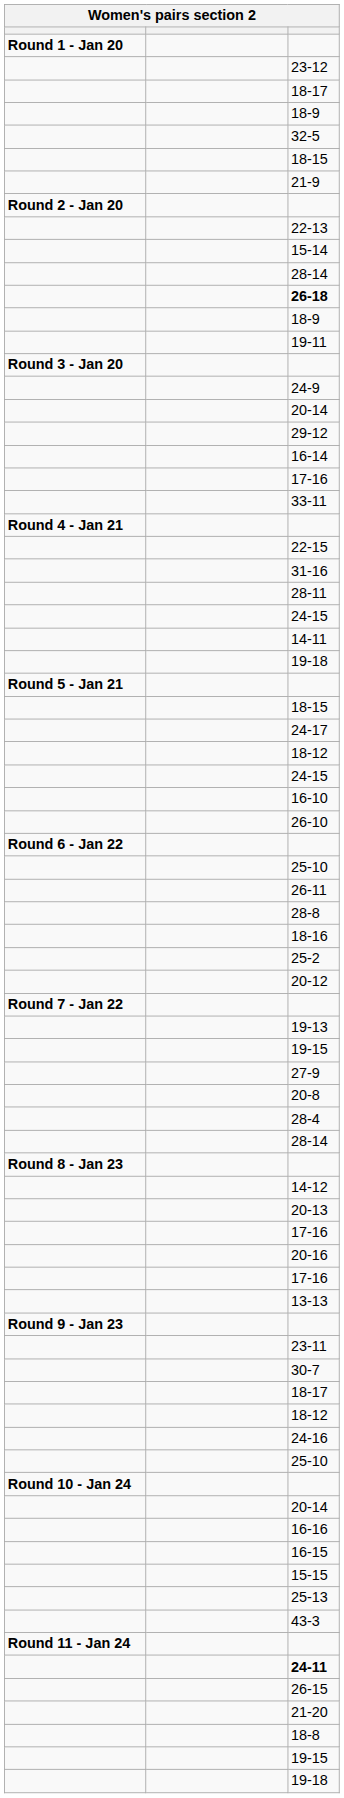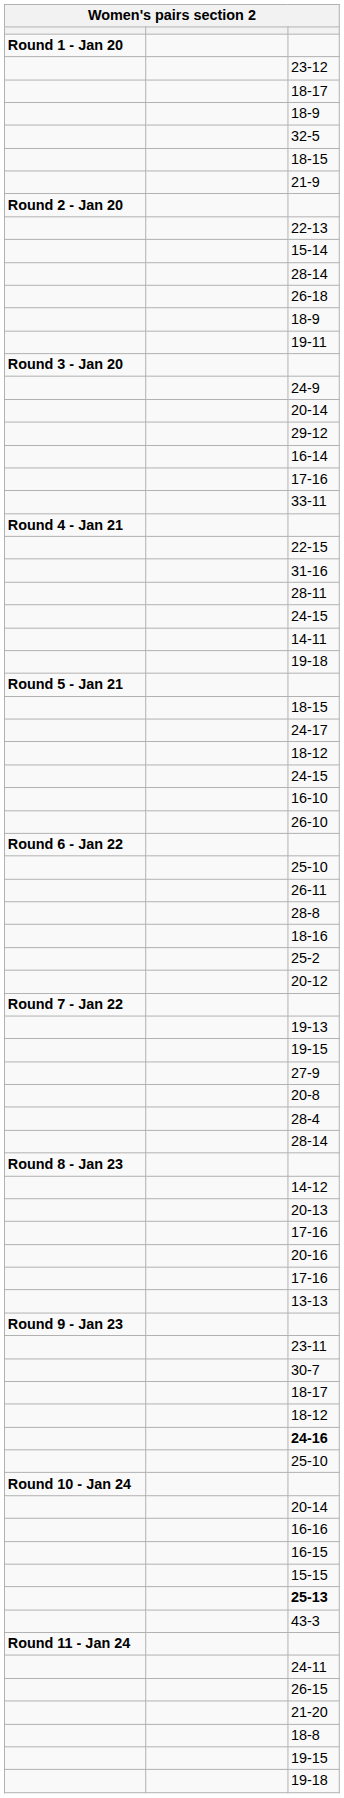 <table class="wikitable">
 <tr>
 <th colspan="3">Women's pairs section 2</th>
 </tr>
 <tr>
 <th width=150></th>
 <th width=150></th>
 <th width=50></th>
 </tr>
 <tr>
 <td><strong>Round 1 - Jan 20</strong></td>
 <td></td>
 <td></td>
 </tr>
 <tr>
 <td></td>
 <td></td>
 <td>23-12</td>
 </tr>
 <tr>
 <td></td>
 <td></td>
 <td>18-17</td>
 </tr>
 <tr>
 <td></td>
 <td></td>
 <td>18-9</td>
 </tr>
 <tr>
 <td></td>
 <td></td>
 <td>32-5</td>
 </tr>
 <tr>
 <td></td>
 <td></td>
 <td>18-15</td>
 </tr>
 <tr>
 <td></td>
 <td></td>
 <td>21-9</td>
 </tr>
 <tr>
 <td><strong>Round 2 - Jan 20</strong></td>
 <td></td>
 <td></td>
 </tr>
 <tr>
 <td></td>
 <td></td>
 <td>22-13</td>
 </tr>
 <tr>
 <td></td>
 <td></td>
 <td>15-14</td>
 </tr>
 <tr>
 <td></td>
 <td></td>
 <td>28-14</td>
 </tr>
 <tr>
 <td></td>
 <td></td>
-<td><strong>26-18</strong></td>
+<td>26-18</td>
 </tr>
 <tr>
 <td></td>
 <td></td>
 <td>18-9</td>
 </tr>
 <tr>
 <td></td>
 <td></td>
 <td>19-11</td>
 </tr>
 <tr>
 <td><strong>Round 3 - Jan 20</strong></td>
 <td></td>
 <td></td>
 </tr>
 <tr>
 <td></td>
 <td></td>
 <td>24-9</td>
 </tr>
 <tr>
 <td></td>
 <td></td>
 <td>20-14</td>
 </tr>
 <tr>
 <td></td>
 <td></td>
 <td>29-12</td>
 </tr>
 <tr>
 <td></td>
 <td></td>
 <td>16-14</td>
 </tr>
 <tr>
 <td></td>
 <td></td>
 <td>17-16</td>
 </tr>
 <tr>
 <td></td>
 <td></td>
 <td>33-11</td>
 </tr>
 <tr>
 <td><strong>Round 4 - Jan 21</strong></td>
 <td></td>
 <td></td>
 </tr>
 <tr>
 <td></td>
 <td></td>
 <td>22-15</td>
 </tr>
 <tr>
 <td></td>
 <td></td>
 <td>31-16</td>
 </tr>
 <tr>
 <td></td>
 <td></td>
 <td>28-11</td>
 </tr>
 <tr>
 <td></td>
 <td></td>
 <td>24-15</td>
 </tr>
 <tr>
 <td></td>
 <td></td>
 <td>14-11</td>
 </tr>
 <tr>
 <td></td>
 <td></td>
 <td>19-18</td>
 </tr>
 <tr>
 <td><strong>Round 5 - Jan 21</strong></td>
 <td></td>
 <td></td>
 </tr>
 <tr>
 <td></td>
 <td></td>
 <td>18-15</td>
 </tr>
 <tr>
 <td></td>
 <td></td>
 <td>24-17</td>
 </tr>
 <tr>
 <td></td>
 <td></td>
 <td>18-12</td>
 </tr>
 <tr>
 <td></td>
 <td></td>
 <td>24-15</td>
 </tr>
 <tr>
 <td></td>
 <td></td>
 <td>16-10</td>
 </tr>
 <tr>
 <td></td>
 <td></td>
 <td>26-10</td>
 </tr>
 <tr>
 <td><strong>Round 6  - Jan 22</strong></td>
 <td></td>
 <td></td>
 </tr>
 <tr>
 <td></td>
 <td></td>
 <td>25-10</td>
 </tr>
 <tr>
 <td></td>
 <td></td>
 <td>26-11</td>
 </tr>
 <tr>
 <td></td>
 <td></td>
 <td>28-8</td>
 </tr>
 <tr>
 <td></td>
 <td></td>
 <td>18-16</td>
 </tr>
 <tr>
 <td></td>
 <td></td>
 <td>25-2</td>
 </tr>
 <tr>
 <td></td>
 <td></td>
 <td>20-12</td>
 </tr>
 <tr>
 <td><strong>Round 7 - Jan 22</strong></td>
 <td></td>
 <td></td>
 </tr>
 <tr>
 <td></td>
 <td></td>
 <td>19-13</td>
 </tr>
 <tr>
 <td></td>
 <td></td>
 <td>19-15</td>
 </tr>
 <tr>
 <td></td>
 <td></td>
 <td>27-9</td>
 </tr>
 <tr>
 <td></td>
 <td></td>
 <td>20-8</td>
 </tr>
 <tr>
 <td></td>
 <td></td>
 <td>28-4</td>
 </tr>
 <tr>
 <td></td>
 <td></td>
 <td>28-14</td>
 </tr>
 <tr>
 <td><strong>Round 8 - Jan 23</strong></td>
 <td></td>
 <td></td>
 </tr>
 <tr>
 <td></td>
 <td></td>
 <td>14-12</td>
 </tr>
 <tr>
 <td></td>
 <td></td>
 <td>20-13</td>
 </tr>
 <tr>
 <td></td>
 <td></td>
 <td>17-16</td>
 </tr>
 <tr>
 <td></td>
 <td></td>
 <td>20-16</td>
 </tr>
 <tr>
 <td></td>
 <td></td>
 <td>17-16</td>
 </tr>
 <tr>
 <td></td>
 <td></td>
 <td>13-13</td>
 </tr>
 <tr>
 <td><strong>Round 9 - Jan 23</strong></td>
 <td></td>
 <td></td>
 </tr>
 <tr>
 <td></td>
 <td></td>
 <td>23-11</td>
 </tr>
 <tr>
 <td></td>
 <td></td>
 <td>30-7</td>
 </tr>
 <tr>
 <td></td>
 <td></td>
 <td>18-17</td>
 </tr>
 <tr>
 <td></td>
 <td></td>
 <td>18-12</td>
 </tr>
 <tr>
 <td></td>
 <td></td>
-<td>24-16</td>
+<td><strong>24-16</strong></td>
 </tr>
 <tr>
 <td></td>
 <td></td>
 <td>25-10</td>
 </tr>
 <tr>
 <td><strong>Round 10 - Jan 24</strong></td>
 <td></td>
 <td></td>
 </tr>
 <tr>
 <td></td>
 <td></td>
 <td>20-14</td>
 </tr>
 <tr>
 <td></td>
 <td></td>
 <td>16-16</td>
 </tr>
 <tr>
 <td></td>
 <td></td>
 <td>16-15</td>
 </tr>
 <tr>
 <td></td>
 <td></td>
 <td>15-15</td>
 </tr>
 <tr>
 <td></td>
 <td></td>
-<td>25-13</td>
+<td><strong>25-13</strong></td>
 </tr>
 <tr>
 <td></td>
 <td></td>
 <td>43-3</td>
 </tr>
 <tr>
 <td><strong>Round 11 - Jan 24</strong></td>
 <td></td>
 <td></td>
 </tr>
 <tr>
 <td></td>
 <td></td>
-<td><strong>24-11</strong></td>
+<td>24-11</td>
 </tr>
 <tr>
 <td></td>
 <td></td>
 <td>26-15</td>
 </tr>
 <tr>
 <td></td>
 <td></td>
 <td>21-20</td>
 </tr>
 <tr>
 <td></td>
 <td></td>
 <td>18-8</td>
 </tr>
 <tr>
 <td></td>
 <td></td>
 <td>19-15</td>
 </tr>
 <tr>
 <td></td>
 <td></td>
 <td>19-18</td>
 </tr>
 </table>
